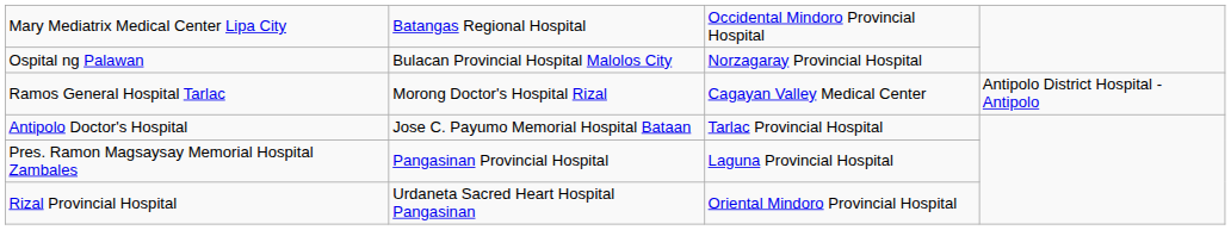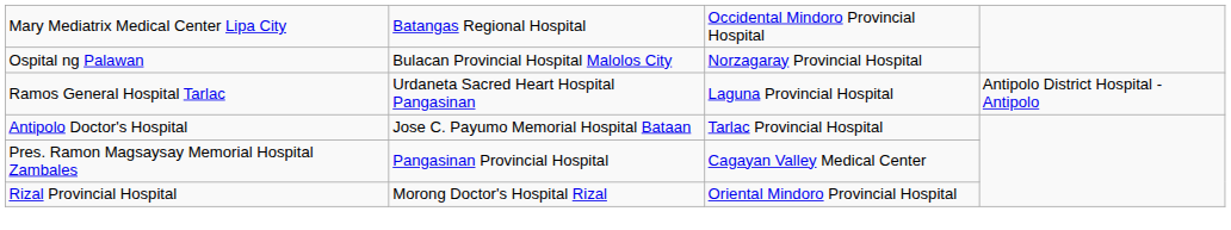 <table class="wikitable" style="align-text: center">
 <tr>
 <td>Mary Mediatrix Medical Center <a href='#'>Lipa City</a></td>
 <td><a href='#'>Batangas</a> Regional Hospital</td>
 <td><a href='#'>Occidental Mindoro</a> Provincial Hospital</td>
 </tr>
 <tr>
 <td>Ospital ng <a href='#'>Palawan</a></td>
 <td>Bulacan Provincial Hospital <a href='#'>Malolos City</a></td>
 <td><a href='#'>Norzagaray</a> Provincial Hospital</td>
 </tr>
 <tr>
 <td>Ramos General Hospital <a href='#'>Tarlac</a></td>
-<td>Morong Doctor's Hospital <a href='#'>Rizal</a></td>
-<td><a href='#'>Cagayan Valley</a> Medical Center</td>
+<td>Urdaneta Sacred Heart Hospital <a href='#'>Pangasinan</a></td>
+<td><a href='#'>Laguna</a> Provincial Hospital</td>
 <td>Antipolo District Hospital - <a href='#'>Antipolo</a></td>
 </tr>
 <tr>
 <td><a href='#'>Antipolo</a> Doctor's Hospital</td>
 <td>Jose C. Payumo Memorial Hospital <a href='#'>Bataan</a></td>
 <td><a href='#'>Tarlac</a> Provincial Hospital</td>
 </tr>
 <tr>
 <td>Pres. Ramon Magsaysay Memorial Hospital <a href='#'>Zambales</a></td>
 <td><a href='#'>Pangasinan</a> Provincial Hospital</td>
-<td><a href='#'>Laguna</a> Provincial Hospital</td>
+<td><a href='#'>Cagayan Valley</a> Medical Center</td>
 </tr>
 <tr>
 <td><a href='#'>Rizal</a> Provincial Hospital</td>
-<td>Urdaneta Sacred Heart Hospital <a href='#'>Pangasinan</a></td>
+<td>Morong Doctor's Hospital <a href='#'>Rizal</a></td>
 <td><a href='#'>Oriental Mindoro</a> Provincial Hospital</td>
 </tr>
 </table>
